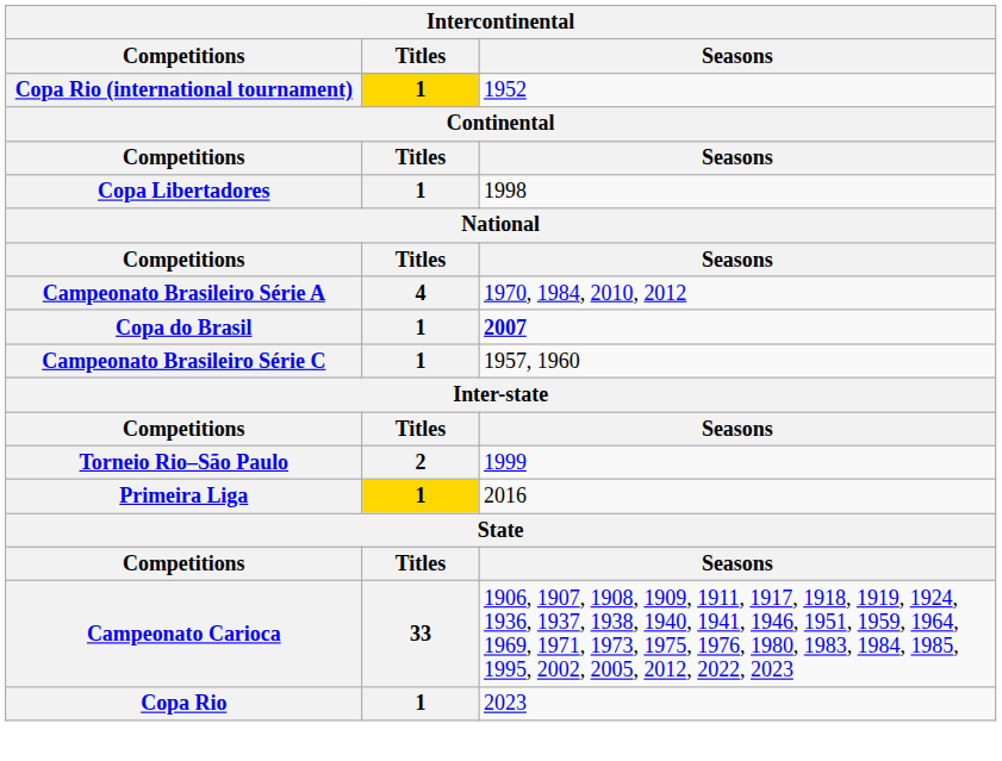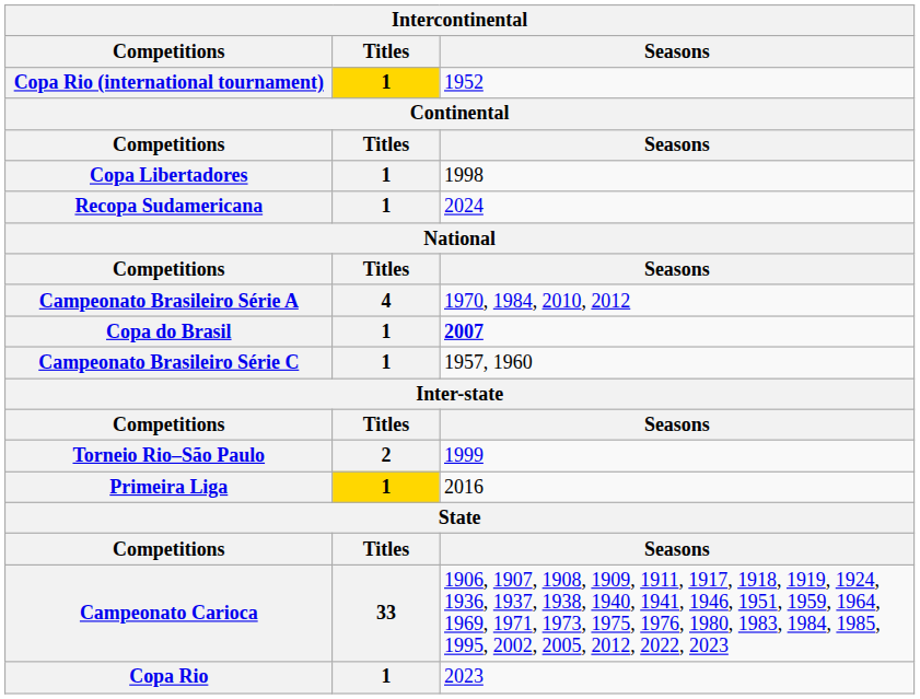 <table class="wikitable sortable”">
 <tr |->
 <th colspan="3”">Intercontinental</th>
 </tr>
 <tr>
 <th style="width:260px">Competitions</th>
 <th style="width:80px">Titles</th>
 <th style="width:380px">Seasons</th>
 </tr>
 <tr>
 <th scope="col"><a href='#'>Copa Rio (international tournament)</a></th>
 <td bgcolor="gold" style="text-align:center"><strong>1</strong></td>
 <td><a href='#'>1952</a></td>
 </tr>
 <tr>
 <th colspan="3">Continental</th>
 </tr>
 <tr>
 <th style="width:260px">Competitions</th>
 <th style="width:80px">Titles</th>
 <th style="width:380px">Seasons</th>
 </tr>
 <tr>
 <th scope=row><a href='#'>Copa Libertadores</a></th>
 <th align="center"><strong>1</strong></th>
 <td align="left">1998</td>
+</tr>
+<tr>
+<th scope=row><a href='#'>Recopa Sudamericana</a></th>
+<th align="center"><strong>1</strong></th>
+<td><a href='#'>2024</a></td>
 </tr>
 <tr>
 <th colspan="3">National</th>
 </tr>
 <tr>
 <th style="width:260px">Competitions</th>
 <th style="width:80px">Titles</th>
 <th style="width:380px">Seasons</th>
 </tr>
 <tr>
 <th scope=row><a href='#'>Campeonato Brasileiro Série A</a></th>
 <th align="center"><strong>4</strong></th>
 <td><a href='#'>1970</a>, <a href='#'>1984</a>, <a href='#'>2010</a>, <a href='#'>2012</a></td>
 </tr>
 <tr>
 <th scope=row><a href='#'>Copa do Brasil</a></th>
 <th align="center"><strong>1</strong></th>
 <td><strong><a href='#'>2007</a></strong></td>
 </tr>
 <tr>
 <th scope=row><a href='#'>Campeonato Brasileiro Série C</a></th>
 <th align="center"><strong>1</strong></th>
 <td>1957, 1960</td>
 </tr>
 <tr>
 <th colspan="3">Inter-state</th>
 </tr>
 <tr>
 <th style="width:260px">Competitions</th>
 <th style="width:80px">Titles</th>
 <th style="width:380px">Seasons</th>
 </tr>
 <tr>
 <th scope=row><a href='#'>Torneio Rio–São Paulo</a></th>
 <th align="center"><strong>2</strong></th>
 <td><a href='#'>1999</a></td>
 </tr>
 <tr>
 <th scope=row><a href='#'>Primeira Liga</a></th>
 <td bgcolor="gold" style="text-align:center"><strong>1</strong></td>
 <td>2016</td>
 </tr>
 <tr>
 <th colspan="3">State</th>
 </tr>
 <tr>
 <th style="width:260px">Competitions</th>
 <th style="width:80px">Titles</th>
 <th style="width:380px">Seasons</th>
 </tr>
 <tr>
 <th scope=row><a href='#'>Campeonato Carioca</a></th>
 <th align="center"><strong>33</strong></th>
 <td><a href='#'>1906</a>, <a href='#'>1907</a>, <a href='#'>1908</a>, <a href='#'>1909</a>, <a href='#'>1911</a>, <a href='#'>1917</a>, <a href='#'>1918</a>, <a href='#'>1919</a>, <a href='#'>1924</a>, <a href='#'>1936</a>, <a href='#'>1937</a>, <a href='#'>1938</a>, <a href='#'>1940</a>, <a href='#'>1941</a>, <a href='#'>1946</a>, <a href='#'>1951</a>, <a href='#'>1959</a>, <a href='#'>1964</a>, <a href='#'>1969</a>, <a href='#'>1971</a>, <a href='#'>1973</a>, <a href='#'>1975</a>, <a href='#'>1976</a>, <a href='#'>1980</a>, <a href='#'>1983</a>, <a href='#'>1984</a>, <a href='#'>1985</a>, <a href='#'>1995</a>, <a href='#'>2002</a>, <a href='#'>2005</a>, <a href='#'>2012</a>, <a href='#'>2022</a>, <a href='#'>2023</a></td>
 </tr>
 <tr>
 <th scope=row><a href='#'>Copa Rio</a></th>
 <th align="center"><strong>1</strong></th>
 <td><a href='#'>2023</a></td>
 </tr>
 </table>
